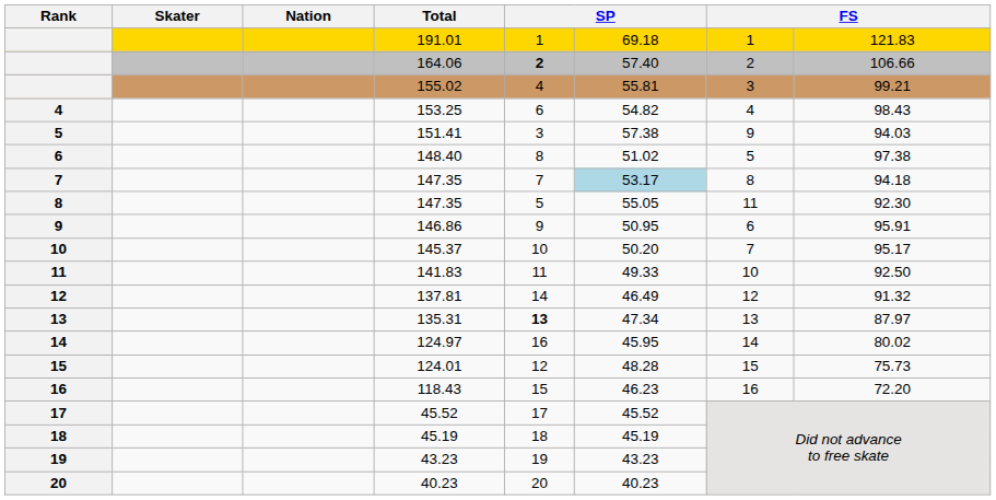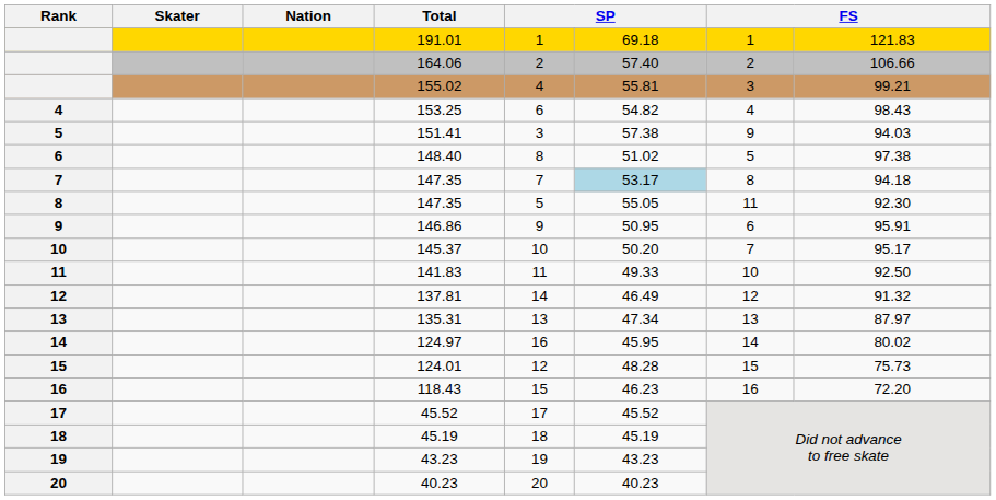 <table class="wikitable sortable" style="text-align:center; width:85%">
 <tr>
 <th scope="col">Rank</th>
 <th scope="col">Skater</th>
 <th scope="col">Nation</th>
 <th scope="col">Total</th>
 <th colspan="2" width="80px"><a href='#'>SP</a></th>
 <th colspan="2" width="80px"><a href='#'>FS</a></th>
 </tr>
 <tr bgcolor="gold">
 <th scope="row"></th>
 <td align="left"></td>
 <td align="left"></td>
 <td>191.01</td>
 <td>1</td>
 <td>69.18</td>
 <td>1</td>
 <td>121.83</td>
 </tr>
 <tr bgcolor="silver">
 <th scope="row"></th>
 <td align="left"></td>
 <td align="left"></td>
 <td>164.06</td>
-<td><strong>2</strong></td>
+<td>2</td>
 <td>57.40</td>
 <td>2</td>
 <td>106.66</td>
 </tr>
 <tr bgcolor="#cc9966">
 <th scope="row"></th>
 <td align="left"></td>
 <td align="left"></td>
 <td>155.02</td>
 <td>4</td>
 <td>55.81</td>
 <td>3</td>
 <td>99.21</td>
 </tr>
 <tr>
 <th scope="row">4</th>
 <td align="left"></td>
 <td align="left"></td>
 <td>153.25</td>
 <td>6</td>
 <td>54.82</td>
 <td>4</td>
 <td>98.43</td>
 </tr>
 <tr>
 <th scope="row">5</th>
 <td align="left"></td>
 <td align="left"></td>
 <td>151.41</td>
 <td>3</td>
 <td>57.38</td>
 <td>9</td>
 <td>94.03</td>
 </tr>
 <tr>
 <th scope="row">6</th>
 <td align="left"></td>
 <td align="left"></td>
 <td>148.40</td>
 <td>8</td>
 <td>51.02</td>
 <td>5</td>
 <td>97.38</td>
 </tr>
 <tr>
 <th scope="row">7</th>
 <td align="left"></td>
 <td align="left"></td>
 <td>147.35</td>
 <td>7</td>
 <td style="background: lightblue;">53.17</td>
 <td>8</td>
 <td>94.18</td>
 </tr>
 <tr>
 <th scope="row">8</th>
 <td align="left"></td>
 <td align="left"></td>
 <td>147.35</td>
 <td>5</td>
 <td>55.05</td>
 <td>11</td>
 <td>92.30</td>
 </tr>
 <tr>
 <th scope="row">9</th>
 <td align="left"></td>
 <td align="left"></td>
 <td>146.86</td>
 <td>9</td>
 <td>50.95</td>
 <td>6</td>
 <td>95.91</td>
 </tr>
 <tr>
 <th scope="row">10</th>
 <td align="left"></td>
 <td align="left"></td>
 <td>145.37</td>
 <td>10</td>
 <td>50.20</td>
 <td>7</td>
 <td>95.17</td>
 </tr>
 <tr>
 <th scope="row">11</th>
 <td align="left"></td>
 <td align="left"></td>
 <td>141.83</td>
 <td>11</td>
 <td>49.33</td>
 <td>10</td>
 <td>92.50</td>
 </tr>
 <tr>
 <th scope="row">12</th>
 <td align="left"></td>
 <td align="left"></td>
 <td>137.81</td>
 <td>14</td>
 <td>46.49</td>
 <td>12</td>
 <td>91.32</td>
 </tr>
 <tr>
 <th scope="row">13</th>
 <td align="left"></td>
 <td align="left"></td>
 <td>135.31</td>
-<td><strong>13</strong></td>
+<td>13</td>
 <td>47.34</td>
 <td>13</td>
 <td>87.97</td>
 </tr>
 <tr>
 <th scope="row">14</th>
 <td align="left"></td>
 <td align="left"></td>
 <td>124.97</td>
 <td>16</td>
 <td>45.95</td>
 <td>14</td>
 <td>80.02</td>
 </tr>
 <tr>
 <th scope="row">15</th>
 <td align="left"></td>
 <td align="left"></td>
 <td>124.01</td>
 <td>12</td>
 <td>48.28</td>
 <td>15</td>
 <td>75.73</td>
 </tr>
 <tr>
 <th scope="row">16</th>
 <td align="left"></td>
 <td align="left"></td>
 <td>118.43</td>
 <td>15</td>
 <td>46.23</td>
 <td>16</td>
 <td>72.20</td>
 </tr>
 <tr>
 <th scope="row">17</th>
 <td align="left"></td>
 <td align="left"></td>
 <td>45.52</td>
 <td>17</td>
 <td>45.52</td>
 <td colspan="2" rowspan="4" bgcolor="e5e4e2"><em>Did not advance<br>to free skate</em></td>
 </tr>
 <tr>
 <th scope="row">18</th>
 <td align="left"></td>
 <td align="left"></td>
 <td>45.19</td>
 <td>18</td>
 <td>45.19</td>
 </tr>
 <tr>
 <th scope="row">19</th>
 <td align="left"></td>
 <td align="left"></td>
 <td>43.23</td>
 <td>19</td>
 <td>43.23</td>
 </tr>
 <tr>
 <th scope="row">20</th>
 <td align="left"></td>
 <td align="left"></td>
 <td>40.23</td>
 <td>20</td>
 <td>40.23</td>
 </tr>
 </table>
